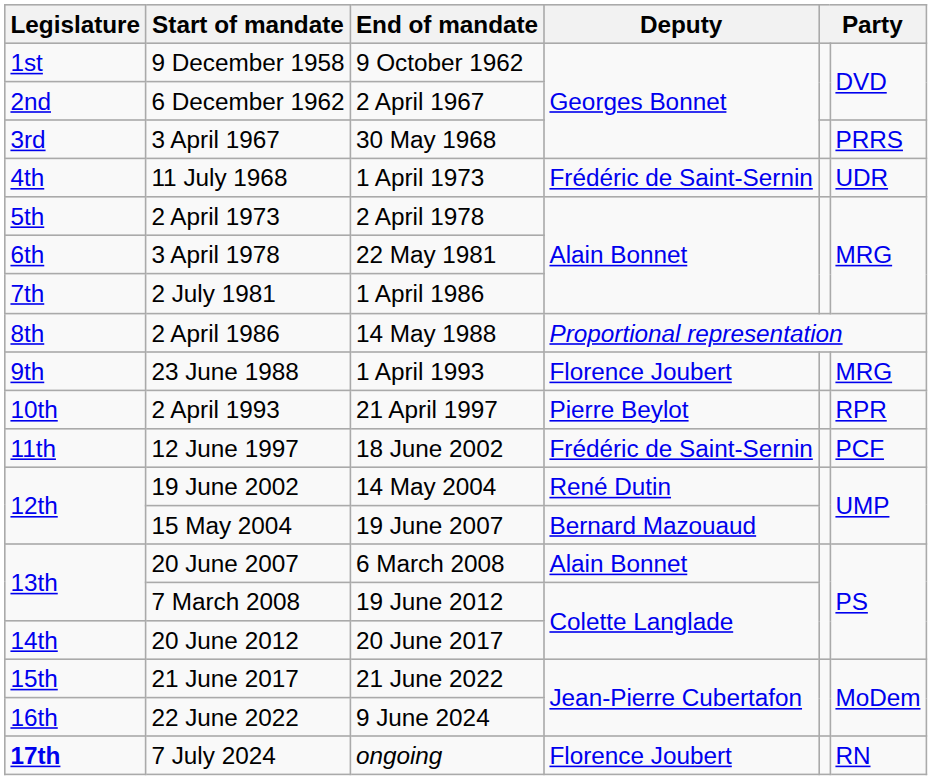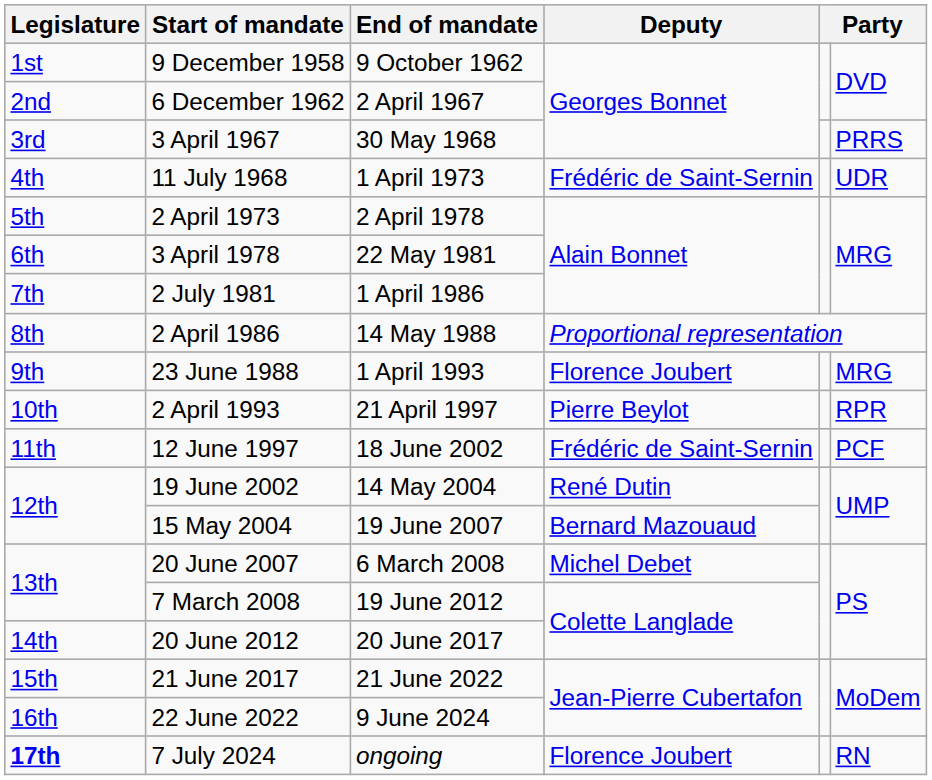 <table class="wikitable" style="font-size:95%;">
 <tr>
 <th>Legislature</th>
 <th>Start of mandate</th>
 <th>End of mandate</th>
 <th>Deputy</th>
 <th colspan="2">Party</th>
 </tr>
 <tr>
 <td><a href='#'>1st</a></td>
 <td>9 December 1958</td>
 <td>9 October 1962</td>
 <td rowspan="3"><a href='#'>Georges Bonnet</a></td>
 <td rowspan="2" style="color:inherit;background:"></td>
 <td rowspan="2"><a href='#'>DVD</a></td>
 </tr>
 <tr>
 <td><a href='#'>2nd</a></td>
 <td>6 December 1962</td>
 <td>2 April 1967</td>
 </tr>
 <tr>
 <td><a href='#'>3rd</a></td>
 <td>3 April 1967</td>
 <td>30 May 1968</td>
 <td style="color:inherit;background:"></td>
 <td><a href='#'>PRRS</a></td>
 </tr>
 <tr>
 <td><a href='#'>4th</a></td>
 <td>11 July 1968</td>
 <td>1 April 1973</td>
 <td><a href='#'>Frédéric de Saint-Sernin</a></td>
 <td style="color:inherit;background:"></td>
 <td><a href='#'>UDR</a></td>
 </tr>
 <tr>
 <td><a href='#'>5th</a></td>
 <td>2 April 1973</td>
 <td>2 April 1978</td>
 <td rowspan="3"><a href='#'>Alain Bonnet</a></td>
 <td rowspan="3" style="color:inherit;background:"></td>
 <td rowspan="3"><a href='#'>MRG</a></td>
 </tr>
 <tr>
 <td><a href='#'>6th</a></td>
 <td>3 April 1978</td>
 <td>22 May 1981</td>
 </tr>
 <tr>
 <td><a href='#'>7th</a></td>
 <td>2 July 1981</td>
 <td>1 April 1986</td>
 </tr>
 <tr>
 <td><a href='#'>8th</a></td>
 <td>2 April 1986</td>
 <td>14 May 1988</td>
 <td colspan="3"><em><a href='#'>Proportional representation</a></em></td>
 </tr>
 <tr>
 <td><a href='#'>9th</a></td>
 <td>23 June 1988</td>
 <td>1 April 1993</td>
 <td><a href='#'>Florence Joubert</a></td>
 <td style="color:inherit;background:"></td>
 <td><a href='#'>MRG</a></td>
 </tr>
 <tr>
 <td><a href='#'>10th</a></td>
 <td>2 April 1993</td>
 <td>21 April 1997</td>
 <td><a href='#'>Pierre Beylot</a></td>
 <td style="color:inherit;background:"></td>
 <td><a href='#'>RPR</a></td>
 </tr>
 <tr>
 <td><a href='#'>11th</a></td>
 <td>12 June 1997</td>
 <td>18 June 2002</td>
 <td><a href='#'>Frédéric de Saint-Sernin</a></td>
 <td style="color:inherit;background:"></td>
 <td><a href='#'>PCF</a></td>
 </tr>
 <tr>
 <td rowspan="2"><a href='#'>12th</a></td>
 <td>19 June 2002</td>
 <td>14 May 2004</td>
 <td><a href='#'>René Dutin</a></td>
 <td rowspan="2" style="color:inherit;background:"></td>
 <td rowspan="2"><a href='#'>UMP</a></td>
 </tr>
 <tr>
 <td>15 May 2004</td>
 <td>19 June 2007</td>
 <td><a href='#'>Bernard Mazouaud</a></td>
 </tr>
 <tr>
 <td rowspan="2"><a href='#'>13th</a></td>
 <td>20 June 2007</td>
 <td>6 March 2008</td>
-<td><a href='#'>Alain Bonnet</a></td>
+<td><a href='#'>Michel Debet</a></td>
 <td rowspan="3" style="color:inherit;background:"></td>
 <td rowspan="3"><a href='#'>PS</a></td>
 </tr>
 <tr>
 <td>7 March 2008</td>
 <td>19 June 2012</td>
 <td rowspan="2"><a href='#'>Colette Langlade</a></td>
 </tr>
 <tr>
 <td><a href='#'>14th</a></td>
 <td>20 June 2012</td>
 <td>20 June 2017</td>
 </tr>
 <tr>
 <td><a href='#'>15th</a></td>
 <td>21 June 2017</td>
 <td>21 June 2022</td>
 <td rowspan="2"><a href='#'>Jean-Pierre Cubertafon</a></td>
 <td rowspan="2" style="color:inherit;background:"></td>
 <td rowspan="2"><a href='#'>MoDem</a></td>
 </tr>
 <tr>
 <td><a href='#'>16th</a></td>
 <td>22 June 2022</td>
 <td>9 June 2024</td>
 </tr>
 <tr>
 <td><strong><a href='#'>17th</a></strong></td>
 <td>7 July 2024</td>
 <td><em>ongoing</em></td>
 <td><a href='#'>Florence Joubert</a></td>
 <td style="color:inherit;background:"></td>
 <td><a href='#'>RN</a></td>
 </tr>
 </table>
